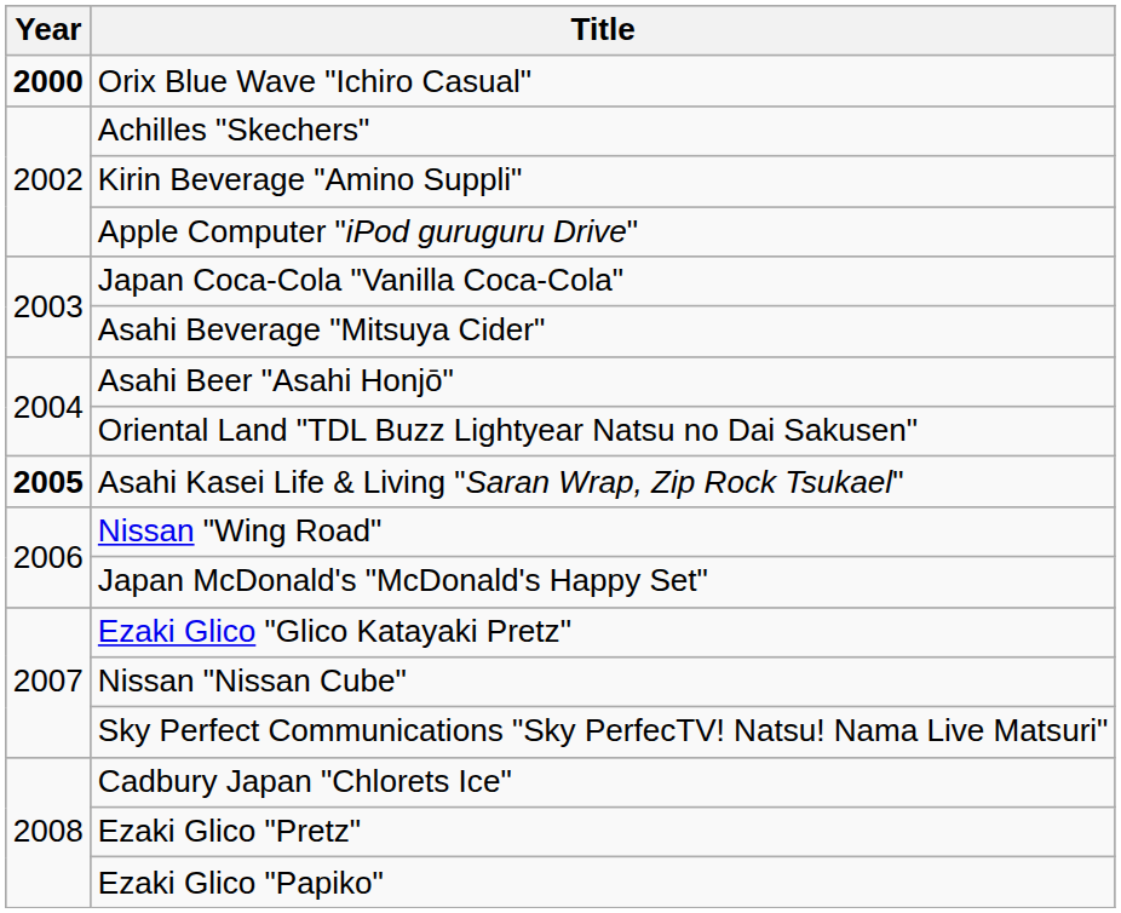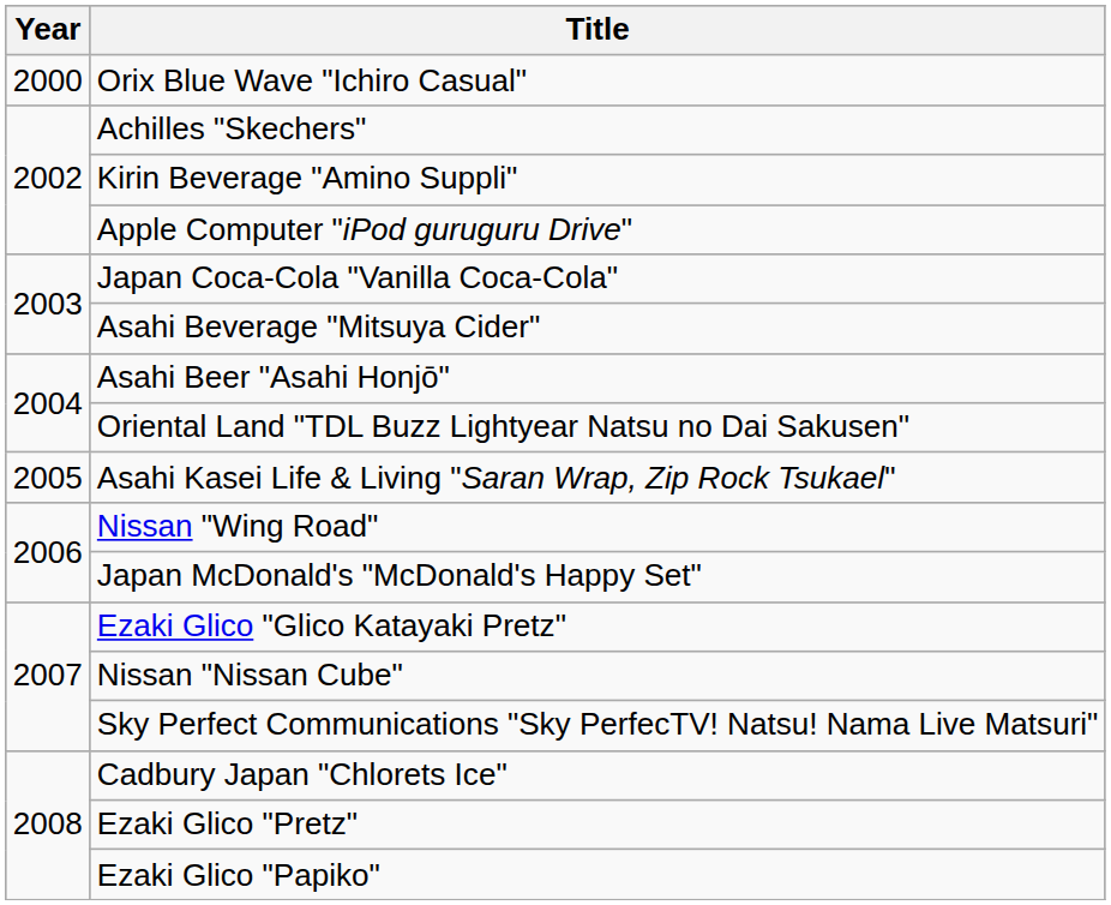 <table class="wikitable">
 <tr>
 <th>Year</th>
 <th>Title</th>
 </tr>
 <tr>
-<td><strong>2000</strong></td>
+<td>2000</td>
 <td>Orix Blue Wave "Ichiro Casual"</td>
 </tr>
 <tr>
 <td rowspan="3">2002</td>
 <td>Achilles "Skechers"</td>
 </tr>
 <tr>
 <td>Kirin Beverage "Amino Suppli"</td>
 </tr>
 <tr>
 <td>Apple Computer "<em>iPod guruguru Drive</em>"</td>
 </tr>
 <tr>
 <td rowspan="2">2003</td>
 <td>Japan Coca-Cola "Vanilla Coca-Cola"</td>
 </tr>
 <tr>
 <td>Asahi Beverage "Mitsuya Cider"</td>
 </tr>
 <tr>
 <td rowspan="2">2004</td>
 <td>Asahi Beer "Asahi Honjō"</td>
 </tr>
 <tr>
 <td>Oriental Land "TDL Buzz Lightyear Natsu no Dai Sakusen"</td>
 </tr>
 <tr>
-<td><strong>2005</strong></td>
+<td>2005</td>
 <td>Asahi Kasei Life & Living "<em>Saran Wrap, Zip Rock Tsukael</em>"</td>
 </tr>
 <tr>
 <td rowspan="2">2006</td>
 <td><a href='#'>Nissan</a> "Wing Road"</td>
 </tr>
 <tr>
 <td>Japan McDonald's "McDonald's Happy Set"</td>
 </tr>
 <tr>
 <td rowspan="3">2007</td>
 <td><a href='#'>Ezaki Glico</a> "Glico Katayaki Pretz"</td>
 </tr>
 <tr>
 <td>Nissan "Nissan Cube"</td>
 </tr>
 <tr>
 <td>Sky Perfect Communications "Sky PerfecTV! Natsu! Nama Live Matsuri"</td>
 </tr>
 <tr>
 <td rowspan="3">2008</td>
 <td>Cadbury Japan "Chlorets Ice"</td>
 </tr>
 <tr>
 <td>Ezaki Glico "Pretz"</td>
 </tr>
 <tr>
 <td>Ezaki Glico "Papiko"</td>
 </tr>
 </table>
